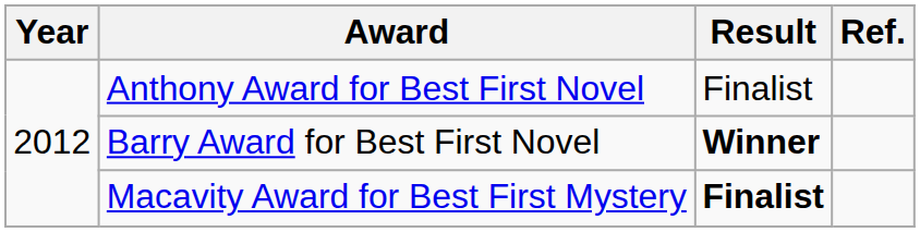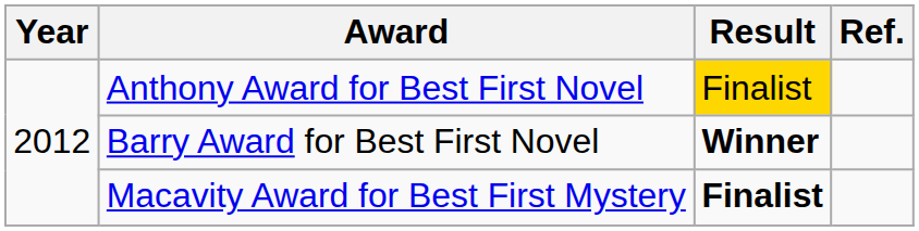 <table class="wikitable">
 <tr>
 <th>Year</th>
 <th>Award</th>
 <th>Result</th>
 <th>Ref.</th>
 </tr>
 <tr>
 <td rowspan="3">2012</td>
 <td><a href='#'>Anthony Award for Best First Novel</a></td>
-<td>Finalist</td>
+<td style="background: gold;">Finalist</td>
 <td></td>
 </tr>
 <tr>
 <td><a href='#'>Barry Award</a> for Best First Novel</td>
 <td><strong>Winner</strong></td>
 <td></td>
 </tr>
 <tr>
 <td><a href='#'>Macavity Award for Best First Mystery</a></td>
 <td><strong>Finalist</strong></td>
 <td></td>
 </tr>
 </table>
